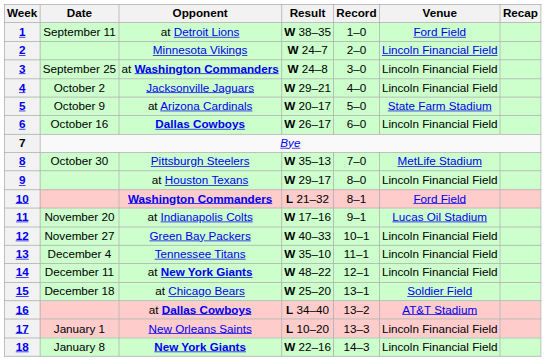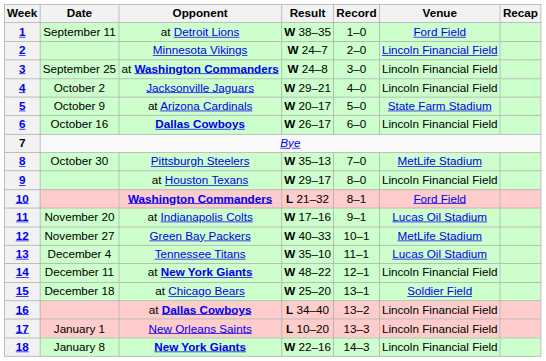 <table class="wikitable" style="text-align:center">
 <tr>
 <th>Week</th>
 <th>Date</th>
 <th>Opponent</th>
 <th>Result</th>
 <th>Record</th>
 <th>Venue</th>
 <th>Recap</th>
 </tr>
 <tr style="background:#cfc">
 <th><a href='#'>1</a></th>
 <td>September 11</td>
 <td>at <a href='#'>Detroit Lions</a></td>
 <td><strong>W</strong> 38–35</td>
 <td>1–0</td>
 <td><a href='#'>Ford Field</a></td>
 <td></td>
 </tr>
 <tr style="background:#cfc">
 <th><a href='#'>2</a></th>
 <td></td>
 <td><a href='#'>Minnesota Vikings</a></td>
 <td><strong>W</strong> 24–7</td>
 <td>2–0</td>
 <td><a href='#'>Lincoln Financial Field</a></td>
 <td></td>
 </tr>
 <tr style="background:#cfc">
 <th><a href='#'>3</a></th>
 <td>September 25</td>
 <td>at <strong><a href='#'>Washington Commanders</a></strong></td>
 <td><strong>W</strong> 24–8</td>
 <td>3–0</td>
 <td>Lincoln Financial Field</td>
 <td></td>
 </tr>
 <tr style="background:#cfc">
 <th><a href='#'>4</a></th>
 <td>October 2</td>
 <td><a href='#'>Jacksonville Jaguars</a></td>
 <td><strong>W</strong> 29–21</td>
 <td>4–0</td>
 <td>Lincoln Financial Field</td>
 <td></td>
 </tr>
 <tr style="background:#cfc">
 <th><a href='#'>5</a></th>
 <td>October 9</td>
 <td>at <a href='#'>Arizona Cardinals</a></td>
 <td><strong>W</strong> 20–17</td>
 <td>5–0</td>
 <td><a href='#'>State Farm Stadium</a></td>
 <td></td>
 </tr>
 <tr style="background:#cfc">
 <th><a href='#'>6</a></th>
 <td>October 16</td>
 <td><strong><a href='#'>Dallas Cowboys</a></strong></td>
 <td><strong>W</strong> 26–17</td>
 <td>6–0</td>
 <td>Lincoln Financial Field</td>
 <td></td>
 </tr>
 <tr>
 <th>7</th>
 <td colspan="6"><em><a href='#'>Bye</a></em></td>
 </tr>
 <tr style="background:#cfc">
 <th><a href='#'>8</a></th>
 <td>October 30</td>
 <td><a href='#'>Pittsburgh Steelers</a></td>
 <td><strong>W</strong> 35–13</td>
 <td>7–0</td>
 <td><a href='#'>MetLife Stadium</a></td>
 <td></td>
 </tr>
 <tr style="background:#cfc">
 <th><a href='#'>9</a></th>
 <td></td>
 <td>at <a href='#'>Houston Texans</a></td>
 <td><strong>W</strong> 29–17</td>
 <td>8–0</td>
 <td>Lincoln Financial Field</td>
 <td></td>
 </tr>
 <tr style="background:#fcc">
 <th><a href='#'>10</a></th>
 <td></td>
 <td><strong><a href='#'>Washington Commanders</a></strong></td>
 <td><strong>L</strong> 21–32</td>
 <td>8–1</td>
 <td><a href='#'>Ford Field</a></td>
 <td></td>
 </tr>
 <tr style="background:#cfc">
 <th><a href='#'>11</a></th>
 <td>November 20</td>
 <td>at <a href='#'>Indianapolis Colts</a></td>
 <td><strong>W</strong> 17–16</td>
 <td>9–1</td>
 <td><a href='#'>Lucas Oil Stadium</a></td>
 <td></td>
 </tr>
 <tr style="background:#cfc">
 <th><a href='#'>12</a></th>
 <td>November 27</td>
 <td><a href='#'>Green Bay Packers</a></td>
 <td><strong>W</strong> 40–33</td>
 <td>10–1</td>
-<td>Lincoln Financial Field</td>
+<td><a href='#'>MetLife Stadium</a></td>
 <td></td>
 </tr>
 <tr style="background:#cfc">
 <th><a href='#'>13</a></th>
 <td>December 4</td>
 <td><a href='#'>Tennessee Titans</a></td>
 <td><strong>W</strong> 35–10</td>
 <td>11–1</td>
-<td>Lincoln Financial Field</td>
+<td><a href='#'>Lucas Oil Stadium</a></td>
 <td></td>
 </tr>
 <tr style="background:#cfc">
 <th><a href='#'>14</a></th>
 <td>December 11</td>
 <td>at <strong><a href='#'>New York Giants</a></strong></td>
 <td><strong>W</strong> 48–22</td>
 <td>12–1</td>
 <td>Lincoln Financial Field</td>
 <td></td>
 </tr>
 <tr style="background:#cfc">
 <th><a href='#'>15</a></th>
 <td>December 18</td>
 <td>at <a href='#'>Chicago Bears</a></td>
 <td><strong>W</strong> 25–20</td>
 <td>13–1</td>
 <td><a href='#'>Soldier Field</a></td>
 <td></td>
 </tr>
 <tr style="background:#fcc">
 <th><a href='#'>16</a></th>
 <td></td>
 <td>at <strong><a href='#'>Dallas Cowboys</a></strong></td>
 <td><strong>L</strong> 34–40</td>
 <td>13–2</td>
-<td><a href='#'>AT&T Stadium</a></td>
+<td>Lincoln Financial Field</td>
 <td></td>
 </tr>
 <tr style="background:#fcc">
 <th><a href='#'>17</a></th>
 <td>January 1</td>
 <td><a href='#'>New Orleans Saints</a></td>
 <td><strong>L</strong> 10–20</td>
 <td>13–3</td>
 <td>Lincoln Financial Field</td>
 <td></td>
 </tr>
 <tr style="background:#cfc">
 <th><a href='#'>18</a></th>
 <td>January 8</td>
 <td><strong><a href='#'>New York Giants</a></strong></td>
 <td><strong>W</strong> 22–16</td>
 <td>14–3</td>
 <td>Lincoln Financial Field</td>
 <td></td>
 </tr>
 </table>
